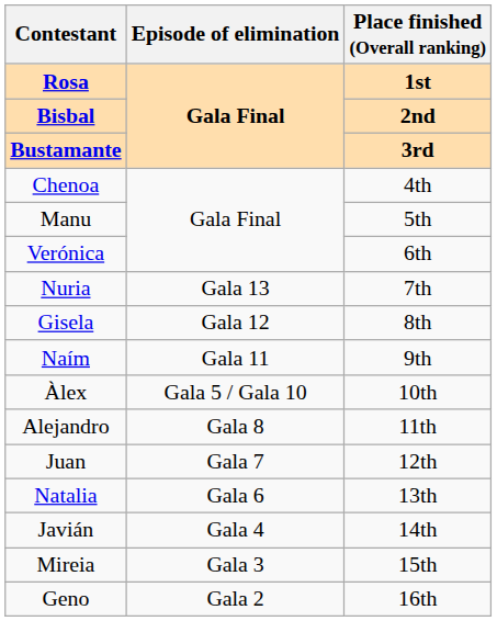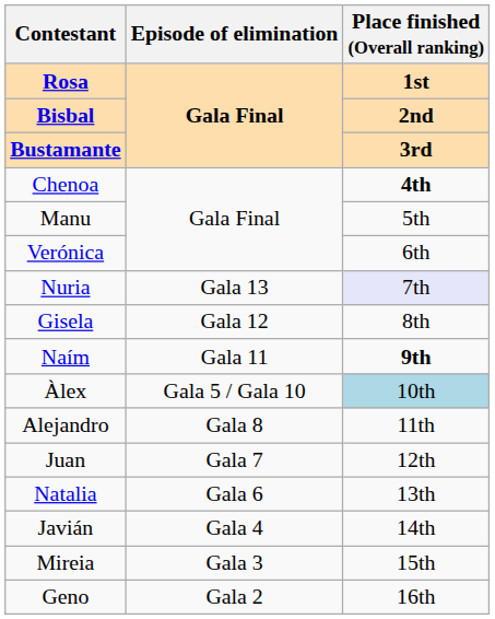 <table class="wikitable" style="margin: 1em auto 1em auto; text-align:center;">
 <tr>
 <th>Contestant</th>
 <th>Episode of elimination</th>
 <th>Place finished<br><small>(Overall ranking)</small></th>
 </tr>
 <tr style="font-weight:bold; background:navajowhite">
 <td><a href='#'>Rosa</a></td>
 <td rowspan="3">Gala Final</td>
 <td>1st</td>
 </tr>
 <tr style="font-weight:bold; background:navajowhite">
 <td><a href='#'>Bisbal</a></td>
 <td>2nd</td>
 </tr>
 <tr style="font-weight:bold; background:navajowhite">
 <td><a href='#'>Bustamante</a></td>
 <td>3rd</td>
 </tr>
 <tr>
 <td><a href='#'>Chenoa</a></td>
 <td rowspan="3">Gala Final</td>
-<td>4th</td>
+<td><strong>4th</strong></td>
 </tr>
 <tr>
 <td>Manu</td>
 <td>5th</td>
 </tr>
 <tr>
 <td><a href='#'>Verónica</a></td>
 <td>6th</td>
 </tr>
 <tr>
 <td><a href='#'>Nuria</a></td>
 <td>Gala 13</td>
-<td>7th</td>
+<td style="background: lavender;">7th</td>
 </tr>
 <tr>
 <td><a href='#'>Gisela</a></td>
 <td>Gala 12</td>
 <td>8th</td>
 </tr>
 <tr>
 <td><a href='#'>Naím</a></td>
 <td>Gala 11</td>
-<td>9th</td>
+<td><strong>9th</strong></td>
 </tr>
 <tr>
 <td>Àlex</td>
 <td>Gala 5 / Gala 10</td>
-<td>10th</td>
+<td style="background: lightblue;">10th</td>
 </tr>
 <tr>
 <td>Alejandro</td>
 <td>Gala 8</td>
 <td>11th</td>
 </tr>
 <tr>
 <td>Juan</td>
 <td>Gala 7</td>
 <td>12th</td>
 </tr>
 <tr>
 <td><a href='#'>Natalia</a></td>
 <td>Gala 6</td>
 <td>13th</td>
 </tr>
 <tr>
 <td>Javián</td>
 <td>Gala 4</td>
 <td>14th</td>
 </tr>
 <tr>
 <td>Mireia</td>
 <td>Gala 3</td>
 <td>15th</td>
 </tr>
 <tr>
 <td>Geno</td>
 <td>Gala 2</td>
 <td>16th</td>
 </tr>
 </table>
